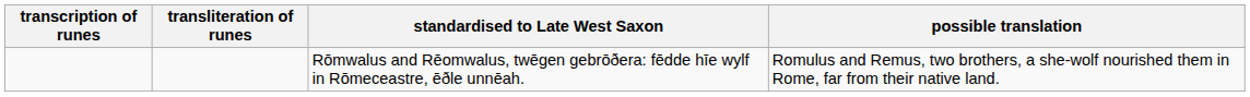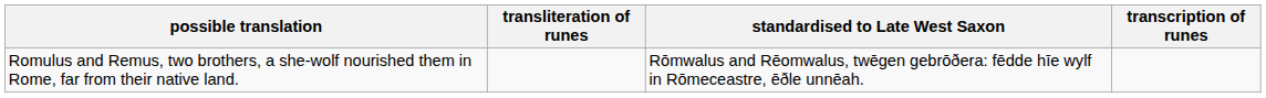 <table class="wikitable">
 <tr>
-<th>transcription of runes</th>
+<th>possible translation</th>
 <th>transliteration of runes</th>
 <th>standardised to Late West Saxon</th>
-<th>possible translation</th>
+<th>transcription of runes</th>
 </tr>
 <tr>
-<td></td>
+<td>Romulus and Remus, two brothers, a she-wolf nourished them in Rome, far from their native land.</td>
 <td><strong></strong></td>
 <td>Rōmwalus and Rēomwalus, twēgen gebrōðera: fēdde hīe wylf in Rōmeceastre, ēðle unnēah.</td>
-<td>Romulus and Remus, two brothers, a she-wolf nourished them in Rome, far from their native land.</td>
+<td></td>
 </tr>
 </table>
